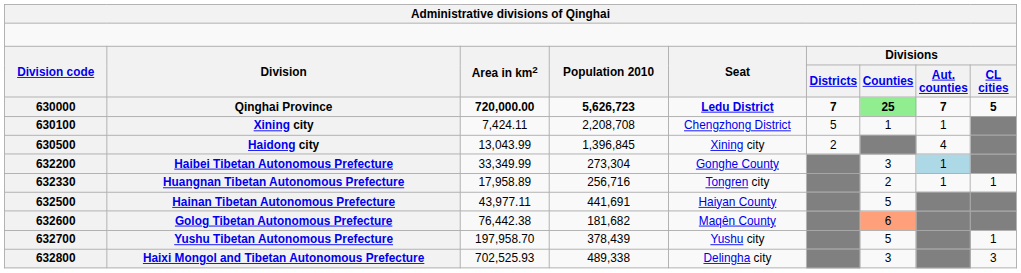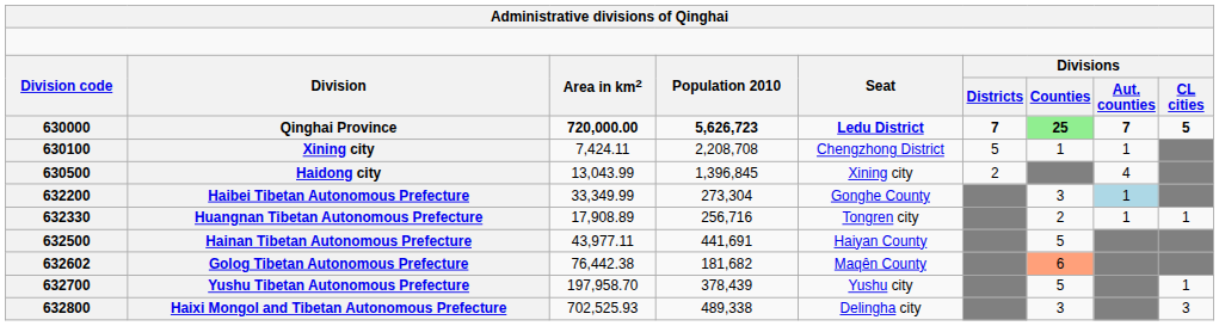 <table class="wikitable" style="margin:1em auto 1em auto; width:90%; font-size:smaller; text-align:center">
 <tr>
 <th colspan="9"><strong>Administrative divisions of Qinghai</strong></th>
 </tr>
 <tr>
 <td colspan="9" style="font-size:larger"><div><br>            </div></td>
 </tr>
 <tr>
 <th ! scope="col" rowspan="2"><a href='#'>Division code</a></th>
 <th ! scope="col" rowspan="2">Division</th>
 <th ! scope="col" rowspan="2">Area in km<sup>2</sup></th>
 <th ! scope="col" rowspan="2">Population 2010</th>
 <th ! scope="col" rowspan="2">Seat</th>
 <th ! scope="col" colspan="4">Divisions</th>
 </tr>
 <tr>
 <th ! scope="col" width="45"><a href='#'>Districts</a></th>
 <th ! scope="col" width="45"><a href='#'>Counties</a></th>
 <th ! scope="col" width="45"><a href='#'>Aut. counties</a></th>
 <th ! scope="col" width="45"><a href='#'>CL cities</a></th>
 </tr>
 <tr style="font-weight: bold">
 <th>630000</th>
 <th>Qinghai Province</th>
 <td>720,000.00</td>
 <td>5,626,723</td>
 <td><a href='#'>Ledu District</a></td>
 <td>7</td>
 <td style="background: lightgreen;">25</td>
 <td>7</td>
 <td>5</td>
 </tr>
 <tr>
 <th>630100</th>
 <th><a href='#'>Xining</a> city</th>
 <td>7,424.11</td>
 <td>2,208,708</td>
 <td><a href='#'>Chengzhong District</a></td>
 <td>5</td>
 <td>1</td>
 <td>1</td>
 <td bgcolor="grey"></td>
 </tr>
 <tr>
 <th>630500</th>
 <th><a href='#'>Haidong</a> city</th>
 <td>13,043.99</td>
 <td>1,396,845</td>
 <td><a href='#'>Xining</a> city</td>
 <td>2</td>
 <td bgcolor="grey"></td>
 <td>4</td>
 <td bgcolor="grey"></td>
 </tr>
 <tr>
 <th>632200</th>
 <th><a href='#'>Haibei Tibetan Autonomous Prefecture</a></th>
 <td>33,349.99</td>
 <td>273,304</td>
 <td><a href='#'>Gonghe County</a></td>
 <td bgcolor="grey"></td>
 <td>3</td>
 <td style="background: lightblue;">1</td>
 <td bgcolor="grey"></td>
 </tr>
 <tr>
 <th>632330</th>
 <th><a href='#'>Huangnan Tibetan Autonomous Prefecture</a></th>
-<td>17,958.89</td>
+<td>17,908.89</td>
 <td>256,716</td>
 <td><a href='#'>Tongren</a> city</td>
 <td bgcolor="grey"></td>
 <td>2</td>
 <td>1</td>
 <td>1</td>
 </tr>
 <tr>
 <th>632500</th>
 <th><a href='#'>Hainan Tibetan Autonomous Prefecture</a></th>
 <td>43,977.11</td>
 <td>441,691</td>
 <td><a href='#'>Haiyan County</a></td>
 <td bgcolor="grey"></td>
 <td>5</td>
 <td bgcolor="grey"></td>
 <td bgcolor="grey"></td>
 </tr>
 <tr>
-<th>632600</th>
+<th>632602</th>
 <th><a href='#'>Golog Tibetan Autonomous Prefecture</a></th>
 <td>76,442.38</td>
 <td>181,682</td>
 <td><a href='#'>Maqên County</a></td>
 <td bgcolor="grey"></td>
 <td style="background: lightsalmon;">6</td>
 <td bgcolor="grey"></td>
 <td bgcolor="grey"></td>
 </tr>
 <tr>
 <th>632700</th>
 <th><a href='#'>Yushu Tibetan Autonomous Prefecture</a></th>
 <td>197,958.70</td>
 <td>378,439</td>
 <td><a href='#'>Yushu</a> city</td>
 <td bgcolor="grey"></td>
 <td>5</td>
 <td bgcolor="grey"></td>
 <td>1</td>
 </tr>
 <tr>
 <th>632800</th>
 <th><a href='#'>Haixi Mongol and Tibetan Autonomous Prefecture</a></th>
 <td>702,525.93</td>
 <td>489,338</td>
 <td><a href='#'>Delingha</a> city</td>
 <td bgcolor="grey"></td>
 <td>3</td>
 <td bgcolor="grey"></td>
 <td>3</td>
 </tr>
 </table>
